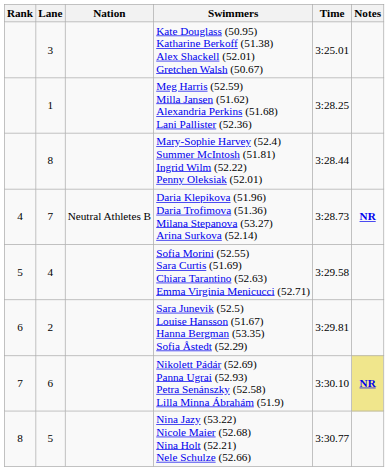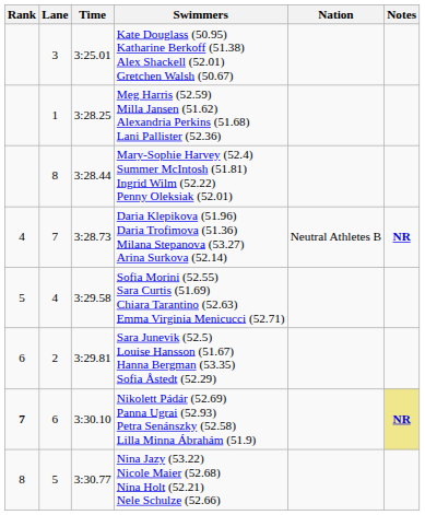 <table class="wikitable sortable" style="text-align:center">
 <tr>
 <th>Rank</th>
 <th>Lane</th>
+<th>Time</th>
+<th>Swimmers</th>
 <th>Nation</th>
-<th>Swimmers</th>
-<th>Time</th>
 <th>Notes</th>
 </tr>
 <tr>
 <td></td>
 <td>3</td>
+<td>3:25.01</td>
+<td align=left><a href='#'>Kate Douglass</a> (50.95)<br><a href='#'>Katharine Berkoff</a> (51.38)<br><a href='#'>Alex Shackell</a> (52.01)<br><a href='#'>Gretchen Walsh</a> (50.67)</td>
 <td align=left></td>
-<td align=left><a href='#'>Kate Douglass</a> (50.95)<br><a href='#'>Katharine Berkoff</a> (51.38)<br><a href='#'>Alex Shackell</a> (52.01)<br><a href='#'>Gretchen Walsh</a> (50.67)</td>
-<td>3:25.01</td>
 <td></td>
 </tr>
 <tr>
 <td></td>
 <td>1</td>
+<td>3:28.25</td>
+<td align=left><a href='#'>Meg Harris</a> (52.59)<br><a href='#'>Milla Jansen</a> (51.62)<br><a href='#'>Alexandria Perkins</a> (51.68)<br><a href='#'>Lani Pallister</a> (52.36)</td>
 <td align=left></td>
-<td align=left><a href='#'>Meg Harris</a> (52.59)<br><a href='#'>Milla Jansen</a> (51.62)<br><a href='#'>Alexandria Perkins</a> (51.68)<br><a href='#'>Lani Pallister</a> (52.36)</td>
-<td>3:28.25</td>
 <td></td>
 </tr>
 <tr>
 <td></td>
 <td>8</td>
+<td>3:28.44</td>
+<td align=left><a href='#'>Mary-Sophie Harvey</a> (52.4)<br><a href='#'>Summer McIntosh</a> (51.81)<br><a href='#'>Ingrid Wilm</a> (52.22)<br><a href='#'>Penny Oleksiak</a> (52.01)</td>
 <td align=left></td>
-<td align=left><a href='#'>Mary-Sophie Harvey</a> (52.4)<br><a href='#'>Summer McIntosh</a> (51.81)<br><a href='#'>Ingrid Wilm</a> (52.22)<br><a href='#'>Penny Oleksiak</a> (52.01)</td>
-<td>3:28.44</td>
 <td></td>
 </tr>
 <tr>
 <td>4</td>
 <td>7</td>
+<td>3:28.73</td>
+<td align=left><a href='#'>Daria Klepikova</a> (51.96)<br><a href='#'>Daria Trofimova</a> (51.36)<br><a href='#'>Milana Stepanova</a> (53.27)<br><a href='#'>Arina Surkova</a> (52.14)</td>
 <td align=left> Neutral Athletes B</td>
-<td align=left><a href='#'>Daria Klepikova</a> (51.96)<br><a href='#'>Daria Trofimova</a> (51.36)<br><a href='#'>Milana Stepanova</a> (53.27)<br><a href='#'>Arina Surkova</a> (52.14)</td>
-<td>3:28.73</td>
 <td><strong><a href='#'>NR</a></strong></td>
 </tr>
 <tr>
 <td>5</td>
 <td>4</td>
+<td>3:29.58</td>
+<td align=left><a href='#'>Sofia Morini</a> (52.55)<br><a href='#'>Sara Curtis</a> (51.69)<br><a href='#'>Chiara Tarantino</a> (52.63)<br><a href='#'>Emma Virginia Menicucci</a> (52.71)</td>
 <td align=left></td>
-<td align=left><a href='#'>Sofia Morini</a> (52.55)<br><a href='#'>Sara Curtis</a> (51.69)<br><a href='#'>Chiara Tarantino</a> (52.63)<br><a href='#'>Emma Virginia Menicucci</a> (52.71)</td>
-<td>3:29.58</td>
 <td></td>
 </tr>
 <tr>
 <td>6</td>
 <td>2</td>
+<td>3:29.81</td>
+<td align=left><a href='#'>Sara Junevik</a> (52.5)<br><a href='#'>Louise Hansson</a> (51.67)<br><a href='#'>Hanna Bergman</a> (53.35)<br><a href='#'>Sofia Åstedt</a> (52.29)</td>
 <td align=left></td>
-<td align=left><a href='#'>Sara Junevik</a> (52.5)<br><a href='#'>Louise Hansson</a> (51.67)<br><a href='#'>Hanna Bergman</a> (53.35)<br><a href='#'>Sofia Åstedt</a> (52.29)</td>
-<td>3:29.81</td>
 <td></td>
 </tr>
 <tr>
-<td>7</td>
+<td><strong>7</strong></td>
 <td>6</td>
+<td>3:30.10</td>
+<td align=left><a href='#'>Nikolett Pádár</a> (52.69)<br><a href='#'>Panna Ugrai</a> (52.93)<br><a href='#'>Petra Senánszky</a> (52.58)<br><a href='#'>Lilla Minna Ábrahám</a> (51.9)</td>
 <td align=left></td>
-<td align=left><a href='#'>Nikolett Pádár</a> (52.69)<br><a href='#'>Panna Ugrai</a> (52.93)<br><a href='#'>Petra Senánszky</a> (52.58)<br><a href='#'>Lilla Minna Ábrahám</a> (51.9)</td>
-<td>3:30.10</td>
 <td style="background: khaki;"><strong><a href='#'>NR</a></strong></td>
 </tr>
 <tr>
 <td>8</td>
 <td>5</td>
+<td>3:30.77</td>
+<td align=left><a href='#'>Nina Jazy</a> (53.22)<br><a href='#'>Nicole Maier</a> (52.68)<br><a href='#'>Nina Holt</a> (52.21)<br><a href='#'>Nele Schulze</a> (52.66)</td>
 <td align=left></td>
-<td align=left><a href='#'>Nina Jazy</a> (53.22)<br><a href='#'>Nicole Maier</a> (52.68)<br><a href='#'>Nina Holt</a> (52.21)<br><a href='#'>Nele Schulze</a> (52.66)</td>
-<td>3:30.77</td>
 <td></td>
 </tr>
 </table>
